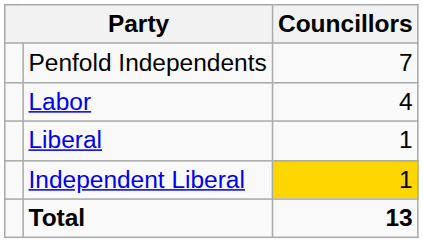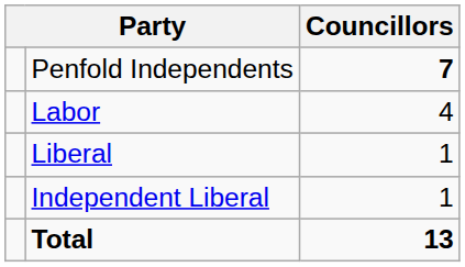 <table class="wikitable">
 <tr>
 <th colspan="2">Party</th>
 <th>Councillors</th>
 </tr>
 <tr>
 <td> </td>
 <td>Penfold Independents</td>
-<td align=right>7</td>
+<td align=right><strong>7</strong></td>
 </tr>
 <tr>
 <td> </td>
 <td><a href='#'>Labor</a></td>
 <td align=right>4</td>
 </tr>
 <tr>
 <td> </td>
 <td><a href='#'>Liberal</a></td>
 <td align=right>1</td>
 </tr>
 <tr>
 <td> </td>
 <td><a href='#'>Independent Liberal</a></td>
-<td align=right style="background: gold;">1</td>
+<td align=right>1</td>
 </tr>
 <tr>
 <td></td>
 <td><strong>Total</strong></td>
 <td align=right><strong>13</strong></td>
 </tr>
 </table>
